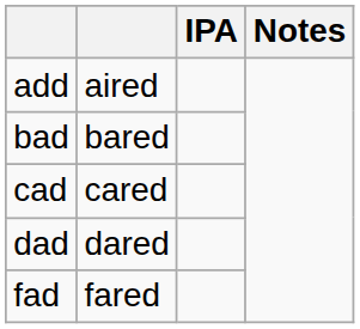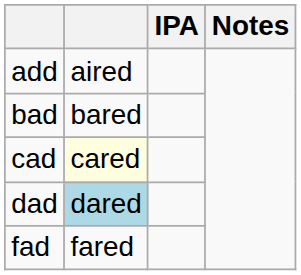 <table class="wikitable sortable mw-collapsible mw-collapsed">
 <tr>
 <th></th>
 <th></th>
 <th>IPA</th>
 <th>Notes</th>
 </tr>
 <tr>
 <td>add</td>
 <td>aired</td>
 <td></td>
 </tr>
 <tr>
 <td>bad</td>
 <td>bared</td>
 <td></td>
 </tr>
 <tr>
 <td>cad</td>
-<td>cared</td>
+<td style="background: lightyellow;">cared</td>
 <td></td>
 </tr>
 <tr>
 <td>dad</td>
-<td>dared</td>
+<td style="background: lightblue;">dared</td>
 <td></td>
 </tr>
 <tr>
 <td>fad</td>
 <td>fared</td>
 <td></td>
 </tr>
 </table>
